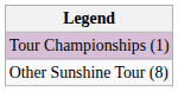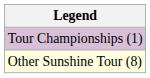 <table class="wikitable" style="font-size:95%;">
 <tr>
 <th>Legend</th>
 </tr>
 <tr style="background:thistle;">
 <td>Tour Championships (1)</td>
 </tr>
 <tr>
-<td>Other Sunshine Tour (8)</td>
+<td style="background: lightyellow;">Other Sunshine Tour (8)</td>
 </tr>
 </table>
